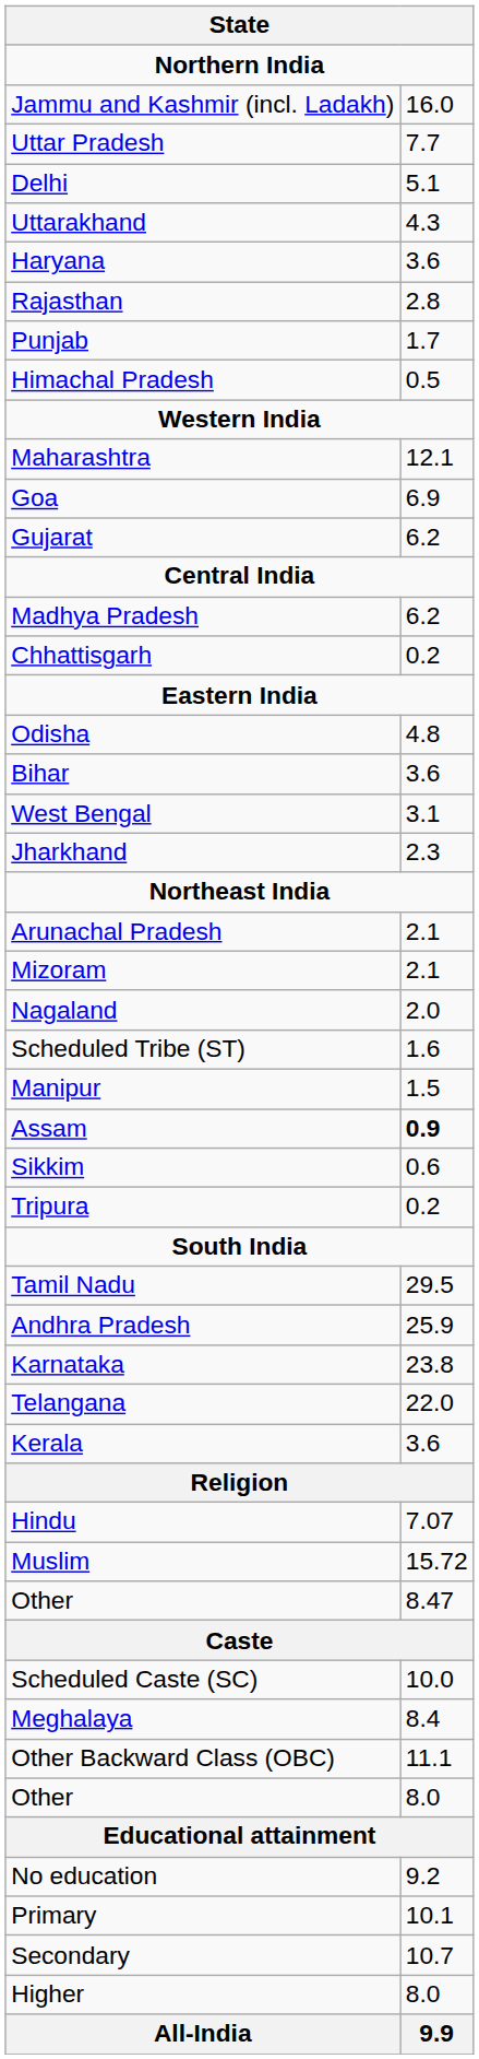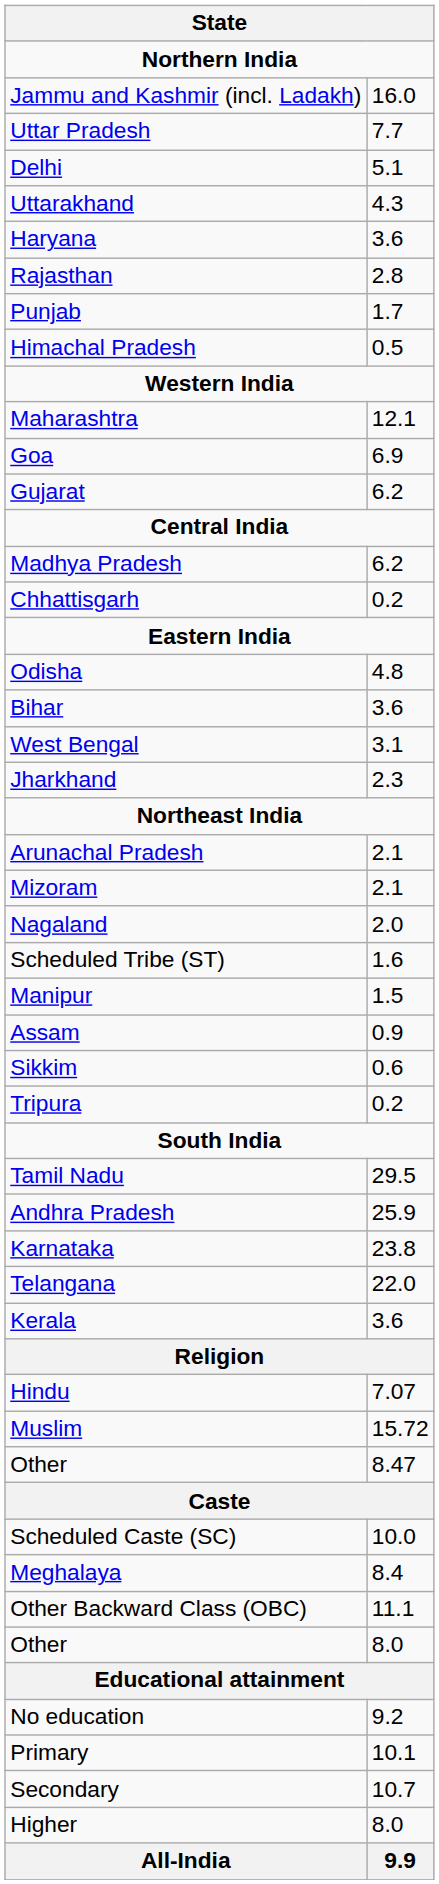 <table class="wikitable mw-collapsible mw-collapsed" style="float:right">
 <tr>
 <th colspan="2">State</th>
 </tr>
 <tr>
 <td colspan="2" style="text-align:center"><strong>Northern India</strong></td>
 </tr>
 <tr>
 <td><a href='#'>Jammu and Kashmir</a> (incl. <a href='#'>Ladakh</a>)</td>
 <td>16.0</td>
 </tr>
 <tr>
 <td><a href='#'>Uttar Pradesh</a></td>
 <td>7.7</td>
 </tr>
 <tr>
 <td><a href='#'>Delhi</a></td>
 <td>5.1</td>
 </tr>
 <tr>
 <td><a href='#'>Uttarakhand</a></td>
 <td>4.3</td>
 </tr>
 <tr>
 <td><a href='#'>Haryana</a></td>
 <td>3.6</td>
 </tr>
 <tr>
 <td><a href='#'>Rajasthan</a></td>
 <td>2.8</td>
 </tr>
 <tr>
 <td><a href='#'>Punjab</a></td>
 <td>1.7</td>
 </tr>
 <tr>
 <td><a href='#'>Himachal Pradesh</a></td>
 <td>0.5</td>
 </tr>
 <tr>
 <td colspan="2" style="text-align:center"><strong>Western India</strong></td>
 </tr>
 <tr>
 <td><a href='#'>Maharashtra</a></td>
 <td>12.1</td>
 </tr>
 <tr>
 <td><a href='#'>Goa</a></td>
 <td>6.9</td>
 </tr>
 <tr>
 <td><a href='#'>Gujarat</a></td>
 <td>6.2</td>
 </tr>
 <tr>
 <td colspan="2" style="text-align:center"><strong>Central India</strong></td>
 </tr>
 <tr>
 <td><a href='#'>Madhya Pradesh</a></td>
 <td>6.2</td>
 </tr>
 <tr>
 <td><a href='#'>Chhattisgarh</a></td>
 <td>0.2</td>
 </tr>
 <tr>
 <td colspan="2" style="text-align:center"><strong>Eastern India</strong></td>
 </tr>
 <tr>
 <td><a href='#'>Odisha</a></td>
 <td>4.8</td>
 </tr>
 <tr>
 <td><a href='#'>Bihar</a></td>
 <td>3.6</td>
 </tr>
 <tr>
 <td><a href='#'>West Bengal</a></td>
 <td>3.1</td>
 </tr>
 <tr>
 <td><a href='#'>Jharkhand</a></td>
 <td>2.3</td>
 </tr>
 <tr>
 <td colspan="2" style="text-align:center"><strong>Northeast India</strong></td>
 </tr>
 <tr>
 <td><a href='#'>Arunachal Pradesh</a></td>
 <td>2.1</td>
 </tr>
 <tr>
 <td><a href='#'>Mizoram</a></td>
 <td>2.1</td>
 </tr>
 <tr>
 <td><a href='#'>Nagaland</a></td>
 <td>2.0</td>
 </tr>
 <tr>
 <td>Scheduled Tribe (ST)</td>
 <td>1.6</td>
 </tr>
 <tr>
 <td><a href='#'>Manipur</a></td>
 <td>1.5</td>
 </tr>
 <tr>
 <td><a href='#'>Assam</a></td>
-<td><strong>0.9</strong></td>
+<td>0.9</td>
 </tr>
 <tr>
 <td><a href='#'>Sikkim</a></td>
 <td>0.6</td>
 </tr>
 <tr>
 <td><a href='#'>Tripura</a></td>
 <td>0.2</td>
 </tr>
 <tr>
 <td colspan="2" style="text-align:center"><strong>South India</strong></td>
 </tr>
 <tr>
 <td><a href='#'>Tamil Nadu</a></td>
 <td>29.5</td>
 </tr>
 <tr>
 <td><a href='#'>Andhra Pradesh</a></td>
 <td>25.9</td>
 </tr>
 <tr>
 <td><a href='#'>Karnataka</a></td>
 <td>23.8</td>
 </tr>
 <tr>
 <td><a href='#'>Telangana</a></td>
 <td>22.0</td>
 </tr>
 <tr>
 <td><a href='#'>Kerala</a></td>
 <td>3.6</td>
 </tr>
 <tr>
 <th colspan="2">Religion</th>
 </tr>
 <tr>
 <td><a href='#'>Hindu</a></td>
 <td>7.07</td>
 </tr>
 <tr>
 <td><a href='#'>Muslim</a></td>
 <td>15.72</td>
 </tr>
 <tr>
 <td>Other</td>
 <td>8.47</td>
 </tr>
 <tr>
 <th colspan="2">Caste</th>
 </tr>
 <tr>
 <td>Scheduled Caste (SC)</td>
 <td>10.0</td>
 </tr>
 <tr>
 <td><a href='#'>Meghalaya</a></td>
 <td>8.4</td>
 </tr>
 <tr>
 <td>Other Backward Class (OBC)</td>
 <td>11.1</td>
 </tr>
 <tr>
 <td>Other</td>
 <td>8.0</td>
 </tr>
 <tr>
 <th colspan="2">Educational attainment</th>
 </tr>
 <tr>
 <td>No education</td>
 <td>9.2</td>
 </tr>
 <tr>
 <td>Primary</td>
 <td>10.1</td>
 </tr>
 <tr>
 <td>Secondary</td>
 <td>10.7</td>
 </tr>
 <tr>
 <td>Higher</td>
 <td>8.0</td>
 </tr>
 <tr>
 <th>All-India</th>
 <th>9.9</th>
 </tr>
 </table>
